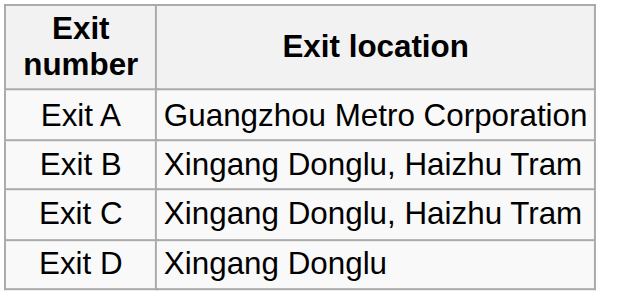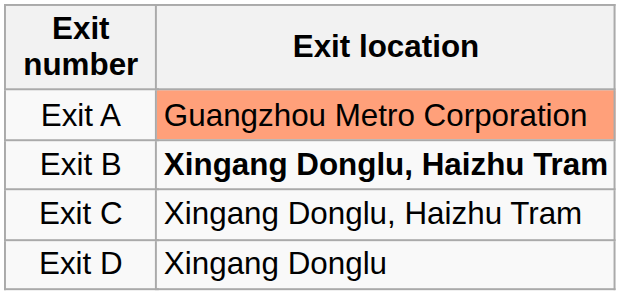 <table class="wikitable">
 <tr>
 <th style="width:70px" colspan="2">Exit number</th>
 <th>Exit location</th>
 </tr>
 <tr>
 <td align="center" colspan="2">Exit A</td>
-<td>Guangzhou Metro Corporation</td>
+<td style="background: lightsalmon;">Guangzhou Metro Corporation</td>
 </tr>
 <tr>
 <td align="center" colspan="2">Exit B</td>
-<td>Xingang Donglu, Haizhu Tram</td>
+<td><strong>Xingang Donglu, Haizhu Tram</strong></td>
 </tr>
 <tr>
 <td align="center" colspan="2">Exit C</td>
 <td>Xingang Donglu, Haizhu Tram</td>
 </tr>
 <tr>
 <td align="center" colspan="2">Exit D</td>
 <td>Xingang Donglu</td>
 </tr>
 </table>
